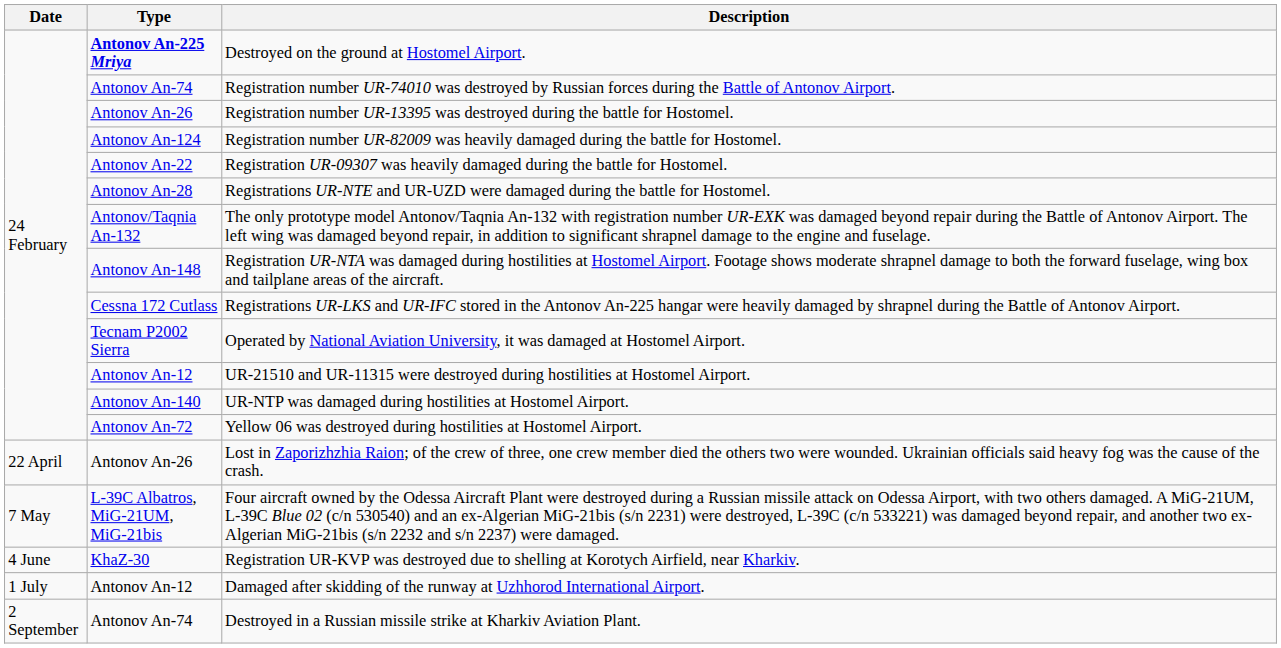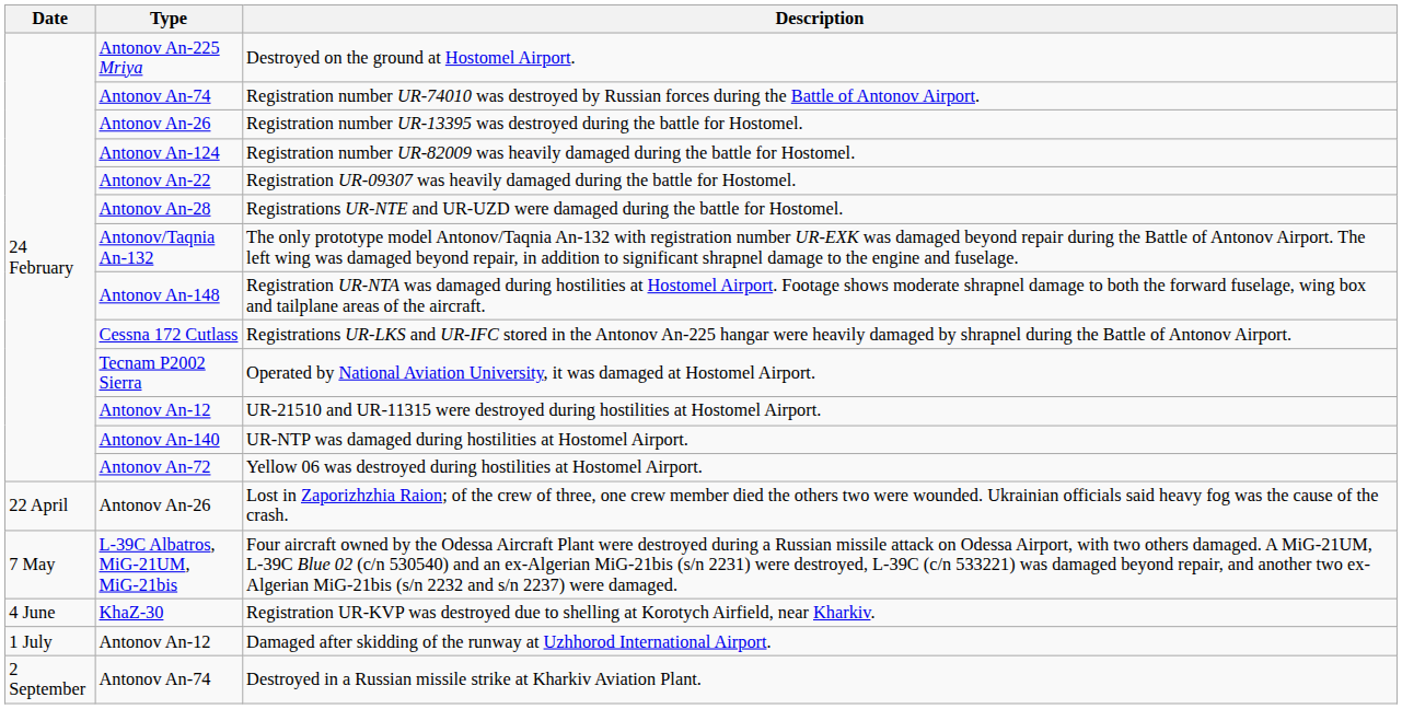 <table class="wikitable">
 <tr>
 <th>Date</th>
 <th>Type</th>
 <th>Description</th>
 </tr>
 <tr>
 <td rowspan="13">24 February</td>
-<td><strong><a href='#'>Antonov An-225 <em>Mriya</em></a></strong></td>
+<td><a href='#'>Antonov An-225 <em>Mriya</em></a></td>
 <td>Destroyed on the ground at <a href='#'>Hostomel Airport</a>.</td>
 </tr>
 <tr>
 <td><a href='#'>Antonov An-74</a></td>
 <td>Registration number <em>UR-74010</em> was destroyed by Russian forces during the <a href='#'>Battle of Antonov Airport</a>.</td>
 </tr>
 <tr>
 <td><a href='#'>Antonov An-26</a></td>
 <td>Registration number <em>UR-13395</em> was destroyed during the battle for Hostomel.</td>
 </tr>
 <tr>
 <td><a href='#'>Antonov An-124</a></td>
 <td>Registration number <em>UR-82009</em> was heavily damaged during the battle for Hostomel.</td>
 </tr>
 <tr>
 <td><a href='#'>Antonov An-22</a></td>
 <td>Registration <em>UR-09307</em> was heavily damaged during the battle for Hostomel.</td>
 </tr>
 <tr>
 <td><a href='#'>Antonov An-28</a></td>
 <td>Registrations <em>UR-NTE</em> and UR-UZD were damaged during the battle for Hostomel.</td>
 </tr>
 <tr>
 <td><a href='#'>Antonov/Taqnia An-132</a></td>
 <td>The only prototype model Antonov/Taqnia An-132 with registration number <em>UR-EXK</em> was damaged beyond repair during the Battle of Antonov Airport. The left wing was damaged beyond repair, in addition to significant shrapnel damage to the engine and fuselage.</td>
 </tr>
 <tr>
 <td><a href='#'>Antonov An-148</a></td>
 <td>Registration <em>UR-NTA</em> was damaged during hostilities at <a href='#'>Hostomel Airport</a>. Footage shows moderate shrapnel damage to both the forward fuselage, wing box and tailplane areas of the aircraft.</td>
 </tr>
 <tr>
 <td><a href='#'>Cessna 172 Cutlass</a></td>
 <td>Registrations <em>UR-LKS</em> and <em>UR-IFC</em> stored in the Antonov An-225 hangar were heavily damaged by shrapnel during the Battle of Antonov Airport.</td>
 </tr>
 <tr>
 <td><a href='#'>Tecnam P2002 Sierra</a></td>
 <td>Operated by <a href='#'>National Aviation University</a>, it was damaged at Hostomel Airport.</td>
 </tr>
 <tr>
 <td><a href='#'>Antonov An-12</a></td>
 <td>UR-21510 and UR-11315 were destroyed during hostilities at Hostomel Airport.</td>
 </tr>
 <tr>
 <td><a href='#'>Antonov An-140</a></td>
 <td>UR-NTP was damaged during hostilities at Hostomel Airport.</td>
 </tr>
 <tr>
 <td><a href='#'>Antonov An-72</a></td>
 <td>Yellow 06 was destroyed during hostilities at Hostomel Airport.</td>
 </tr>
 <tr>
 <td>22 April</td>
 <td>Antonov An-26</td>
 <td>Lost in <a href='#'>Zaporizhzhia Raion</a>; of the crew of three, one crew member died the others two were wounded. Ukrainian officials said heavy fog was the cause of the crash.</td>
 </tr>
 <tr>
 <td>7 May</td>
 <td><a href='#'>L-39C Albatros</a>,<br><a href='#'>MiG-21UM</a>,<br><a href='#'>MiG-21bis</a></td>
 <td>Four aircraft owned by the Odessa Aircraft Plant were destroyed during a Russian missile attack on Odessa Airport, with two others damaged. A MiG-21UM, L-39C <em>Blue 02</em> (c/n 530540) and an ex-Algerian MiG-21bis (s/n 2231) were destroyed, L-39C (c/n 533221) was damaged beyond repair, and another two ex-Algerian MiG-21bis (s/n 2232 and s/n 2237) were damaged.</td>
 </tr>
 <tr>
 <td>4 June</td>
 <td><a href='#'>KhaZ-30</a></td>
 <td>Registration UR-KVP was destroyed due to shelling at Korotych Airfield, near <a href='#'>Kharkiv</a>.</td>
 </tr>
 <tr>
 <td>1 July</td>
 <td>Antonov An-12</td>
 <td>Damaged after skidding of the runway at <a href='#'>Uzhhorod International Airport</a>.</td>
 </tr>
 <tr>
 <td>2 September</td>
 <td>Antonov An-74</td>
 <td>Destroyed in a Russian missile strike at Kharkiv Aviation Plant.</td>
 </tr>
 </table>
